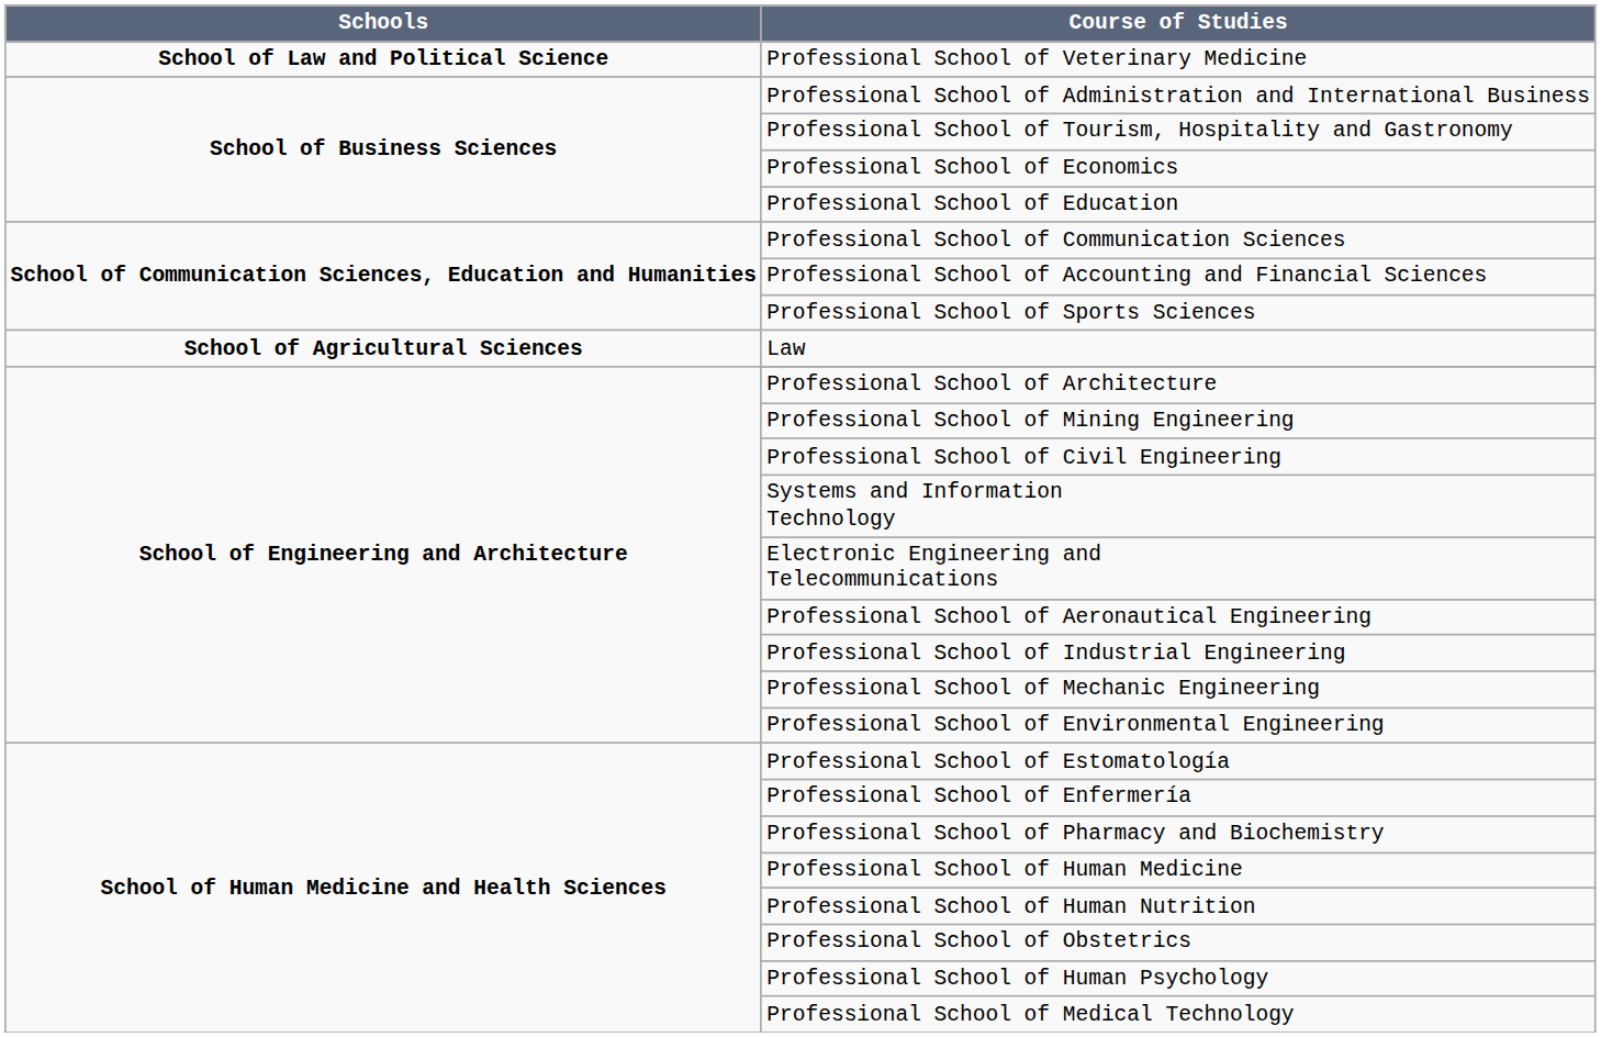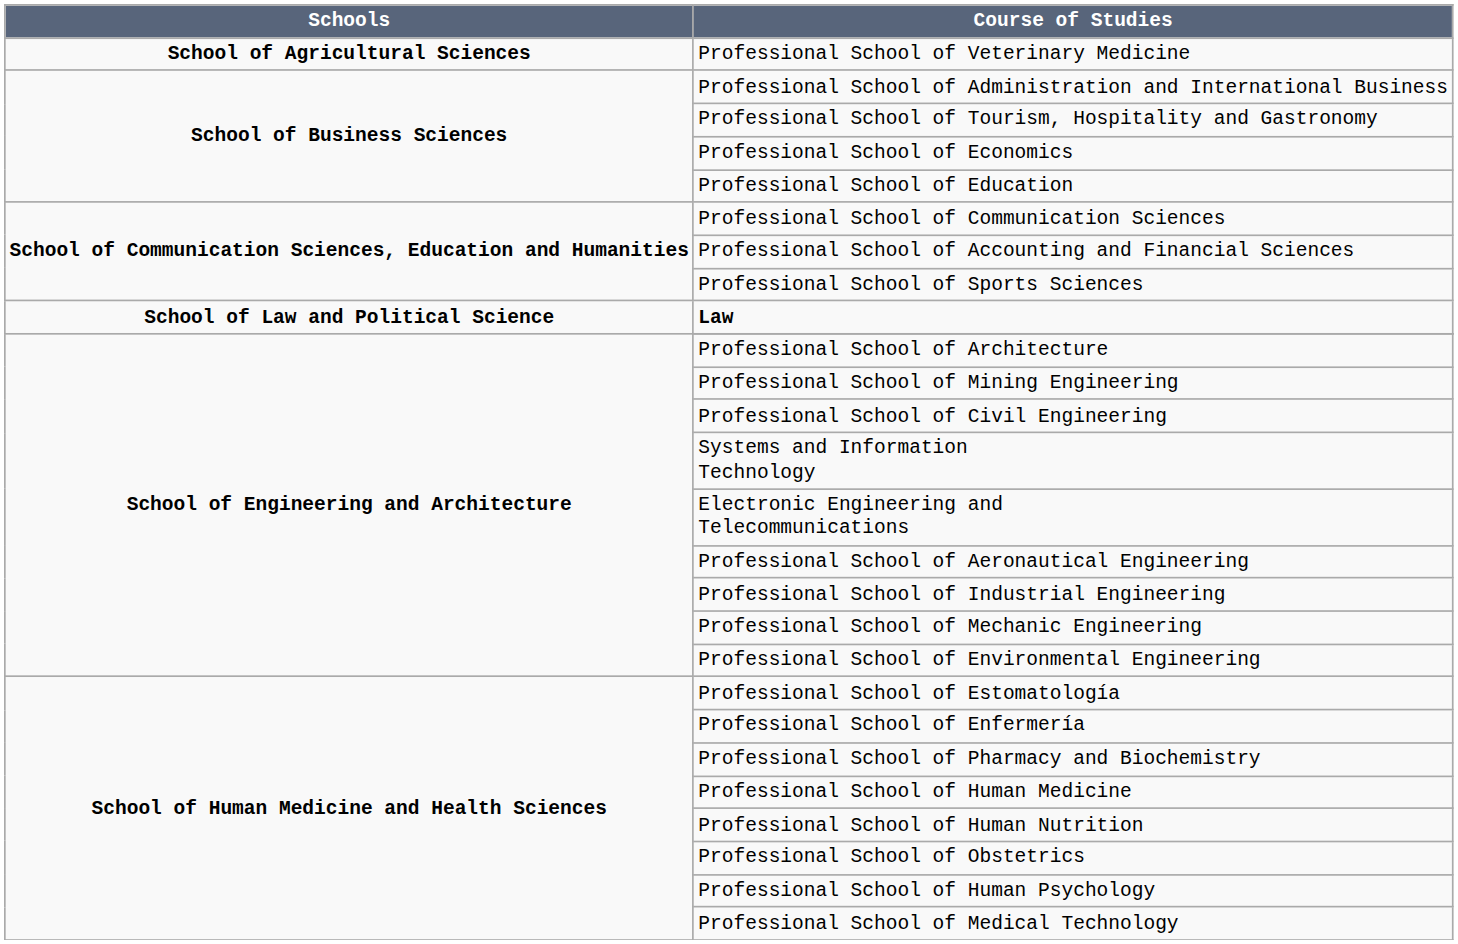 <table class="wikitable" align="center" style="font-size:90%;border:0px;text-align:left;line-height:120%">
 <tr>
 <th style="text-align: center; background: #58657B; color: white;">Schools</th>
 <th style="text-align: center; background: #58657B; color: white;">Course of Studies</th>
 </tr>
 <tr>
-<td style="text-align: center; font-weight: bold;">School of Law and Political Science</td>
+<td style="text-align: center; font-weight: bold;">School of Agricultural Sciences</td>
 <td>Professional School of Veterinary Medicine</td>
 </tr>
 <tr>
 <td rowspan="4" style="text-align: center; font-weight: bold;">School of Business Sciences</td>
 <td>Professional School of Administration and International Business</td>
 </tr>
 <tr>
 <td>Professional School of Tourism, Hospitality and Gastronomy</td>
 </tr>
 <tr>
 <td>Professional School of Economics</td>
 </tr>
 <tr>
 <td>Professional School of Education</td>
 </tr>
 <tr>
 <td rowspan="3" style="text-align: center; font-weight: bold;">School of Communication Sciences, Education and Humanities</td>
 <td>Professional School of Communication Sciences</td>
 </tr>
 <tr>
 <td>Professional School of Accounting and Financial Sciences</td>
 </tr>
 <tr>
 <td>Professional School of Sports Sciences</td>
 </tr>
 <tr>
-<td style="text-align: center; font-weight: bold;">School of Agricultural Sciences</td>
-<td>Law</td>
+<td style="text-align: center; font-weight: bold;">School of Law and Political Science</td>
+<td><strong>Law</strong></td>
 </tr>
 <tr>
 <td rowspan="10" style="text-align: center; font-weight: bold;">School of Engineering and Architecture</td>
 </tr>
 <tr>
 <td>Professional School of Architecture</td>
 </tr>
 <tr>
 <td>Professional School of Mining Engineering</td>
 </tr>
 <tr>
 <td>Professional School of Civil Engineering</td>
 </tr>
 <tr>
 <td Professional School of Engineering>Systems and Information<br>Technology</td>
 </tr>
 <tr>
 <td Professional School>Electronic Engineering and<br>Telecommunications</td>
 </tr>
 <tr>
 <td>Professional School of Aeronautical Engineering</td>
 </tr>
 <tr>
 <td>Professional School of Industrial Engineering</td>
 </tr>
 <tr>
 <td>Professional School of Mechanic Engineering</td>
 </tr>
 <tr>
 <td>Professional School of Environmental Engineering</td>
 </tr>
 <tr>
 <td rowspan="8" style="text-align: center; font-weight: bold;">School of Human Medicine and Health Sciences</td>
 <td>Professional School of Estomatología</td>
 </tr>
 <tr>
 <td>Professional School of Enfermería</td>
 </tr>
 <tr>
 <td>Professional School of Pharmacy and Biochemistry</td>
 </tr>
 <tr>
 <td>Professional School of Human Medicine</td>
 </tr>
 <tr>
 <td>Professional School of Human Nutrition</td>
 </tr>
 <tr>
 <td>Professional School of Obstetrics</td>
 </tr>
 <tr>
 <td>Professional School of Human Psychology</td>
 </tr>
 <tr>
 <td>Professional School of Medical Technology</td>
 </tr>
 <tr>
 </tr>
 </table>
